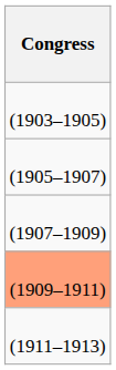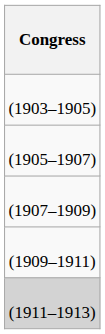 <table class="wikitable" style="float:left; margin:0; margin-right:-0.5px; margin-top:14px; text-align:center;">
 <tr style="white-space:nowrap; height:4.04em;">
 <th>Congress</th>
 </tr>
 <tr style="white-space:nowrap; height:3em;">
 <td><strong></strong><br>(1903–1905)</td>
 </tr>
 <tr style="white-space:nowrap; height:3em">
 <td><strong></strong><br>(1905–1907)</td>
 </tr>
 <tr style="white-space:nowrap; height:3em">
 <td><strong></strong><br>(1907–1909)</td>
 </tr>
 <tr style="white-space:nowrap; height:3em">
-<td style="background: lightsalmon;"><strong></strong><br>(1909–1911)</td>
+<td><strong></strong><br>(1909–1911)</td>
 </tr>
 <tr style="white-space:nowrap; height:3em">
-<td><strong></strong><br>(1911–1913)</td>
+<td style="background: lightgrey;"><strong></strong><br>(1911–1913)</td>
 </tr>
 </table>
